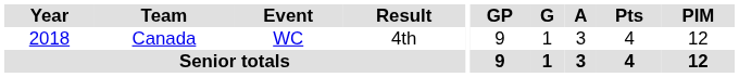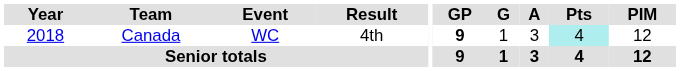 <table border="0" cellpadding="1" cellspacing="0" ID="Table3" style="text-align:center; width:40em;">
 <tr bgcolor="#e0e0e0">
 <th>Year</th>
 <th>Team</th>
 <th>Event</th>
 <th>Result</th>
 <th rowspan="100" bgcolor="#ffffff"></th>
 <th>GP</th>
 <th>G</th>
 <th>A</th>
 <th>Pts</th>
 <th>PIM</th>
 </tr>
 <tr>
 <td><a href='#'>2018</a></td>
 <td><a href='#'>Canada</a></td>
 <td><a href='#'>WC</a></td>
 <td>4th</td>
-<td>9</td>
+<td><strong>9</strong></td>
 <td>1</td>
 <td>3</td>
-<td>4</td>
+<td style="background: paleturquoise;">4</td>
 <td>12</td>
 </tr>
 <tr bgcolor="#e0e0e0">
 <th colspan="4">Senior totals</th>
 <th>9</th>
 <th>1</th>
 <th>3</th>
 <th>4</th>
 <th>12</th>
 </tr>
 </table>
